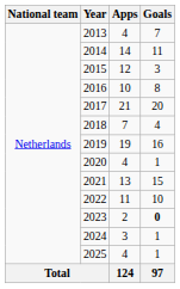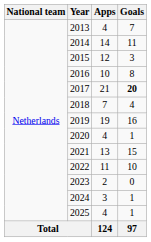 <table class="wikitable" style="text-align:center">
 <tr>
 <th>National team</th>
 <th>Year</th>
 <th>Apps</th>
 <th>Goals</th>
 </tr>
 <tr>
 <td rowspan="13"><a href='#'>Netherlands</a></td>
 <td>2013</td>
 <td>4</td>
 <td>7</td>
 </tr>
 <tr>
 <td>2014</td>
 <td>14</td>
 <td>11</td>
 </tr>
 <tr>
 <td>2015</td>
 <td>12</td>
 <td>3</td>
 </tr>
 <tr>
 <td>2016</td>
 <td>10</td>
 <td>8</td>
 </tr>
 <tr>
 <td>2017</td>
 <td>21</td>
-<td>20</td>
+<td><strong>20</strong></td>
 </tr>
 <tr>
 <td>2018</td>
 <td>7</td>
 <td>4</td>
 </tr>
 <tr>
 <td>2019</td>
 <td>19</td>
 <td>16</td>
 </tr>
 <tr>
 <td>2020</td>
 <td>4</td>
 <td>1</td>
 </tr>
 <tr>
 <td>2021</td>
 <td>13</td>
 <td>15</td>
 </tr>
 <tr>
 <td>2022</td>
 <td>11</td>
 <td>10</td>
 </tr>
 <tr>
 <td>2023</td>
 <td>2</td>
-<td><strong>0</strong></td>
+<td>0</td>
 </tr>
 <tr>
 <td>2024</td>
 <td>3</td>
 <td>1</td>
 </tr>
 <tr>
 <td>2025</td>
 <td>4</td>
 <td>1</td>
 </tr>
 <tr>
 <th colspan="2">Total</th>
 <th>124</th>
 <th>97</th>
 </tr>
 </table>
